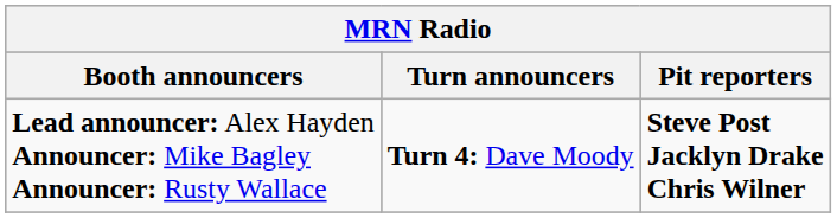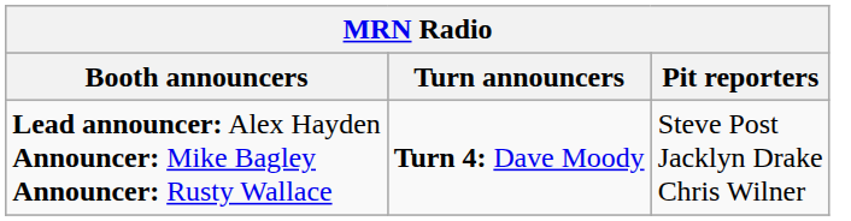 <table class="wikitable" style="font-size: 95%;">
 <tr>
 <th colspan="3"><a href='#'>MRN</a> Radio</th>
 </tr>
 <tr>
 <th>Booth announcers</th>
 <th>Turn announcers</th>
 <th>Pit reporters</th>
 </tr>
 <tr>
 <td><strong>Lead announcer:</strong> Alex Hayden<br><strong>Announcer:</strong> <a href='#'>Mike Bagley</a><br><strong>Announcer:</strong> <a href='#'>Rusty Wallace</a></td>
 <td><strong>Turn 4:</strong> <a href='#'>Dave Moody</a></td>
-<td><strong>Steve Post<br>Jacklyn Drake<br>Chris Wilner</strong></td>
+<td>Steve Post<br>Jacklyn Drake<br>Chris Wilner</td>
 </tr>
 </table>
